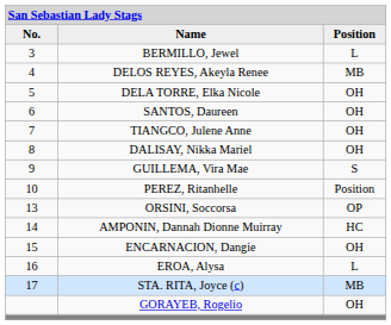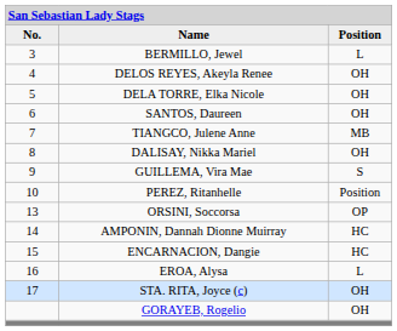 <table class='wikitable mw-collapsible mw-collapsed' style="text-align: center; width: 500px; border: none">
 <tr>
 <th style="background:#D4D4D4; text-align:left;" colspan=3><a href='#'>San Sebastian Lady Stags</a></th>
 </tr>
 <tr style="background:#EEEEEE; font-weight:bold;">
 <td width=10%>No.</td>
 <td width=50%>Name</td>
 <td width=10%>Position</td>
 </tr>
 <tr>
 <td align=center>3</td>
 <td>BERMILLO, Jewel</td>
 <td align=center>L</td>
 </tr>
 <tr>
 <td align=center>4</td>
 <td>DELOS REYES, Akeyla Renee</td>
-<td align=center>MB</td>
+<td align=center>OH</td>
 </tr>
 <tr>
 <td align=center>5</td>
 <td>DELA TORRE, Elka Nicole</td>
 <td align=center>OH</td>
 </tr>
 <tr>
 <td align=center>6</td>
 <td>SANTOS, Daureen</td>
 <td align=center>OH</td>
 </tr>
 <tr>
 <td align=center>7</td>
 <td>TIANGCO, Julene Anne</td>
-<td align=center>OH</td>
+<td align=center>MB</td>
 </tr>
 <tr>
 <td align=center>8</td>
 <td>DALISAY, Nikka Mariel</td>
 <td align=center>OH</td>
 </tr>
 <tr>
 <td align=center>9</td>
 <td>GUILLEMA, Vira Mae</td>
 <td align=center>S</td>
 </tr>
 <tr>
 <td align=center>10</td>
 <td>PEREZ, Ritanhelle</td>
 <td width=10%>Position</td>
 </tr>
 <tr>
 <td align=center>13</td>
 <td>ORSINI, Soccorsa</td>
 <td align=center>OP</td>
 </tr>
 <tr>
 <td align=center>14</td>
 <td>AMPONIN, Dannah Dionne Muirray</td>
 <td align=center>HC</td>
 </tr>
 <tr>
 <td align=center>15</td>
 <td>ENCARNACION, Dangie</td>
-<td align=center>OH</td>
+<td align=center>HC</td>
 </tr>
 <tr>
 <td align=center>16</td>
 <td>EROA, Alysa</td>
 <td align=center>L</td>
 </tr>
 <tr style="background: #D0E6FF">
 <td align=center>17</td>
 <td>STA. RITA, Joyce (<a href='#'>c</a>)</td>
-<td align=center>MB</td>
+<td align=center>OH</td>
 </tr>
 <tr>
 <td align=center></td>
 <td><a href='#'>GORAYEB, Rogelio</a></td>
 <td align=center>OH</td>
 </tr>
 <tr>
 <th style='background: grey;' colspan=3></th>
 </tr>
 </table>
